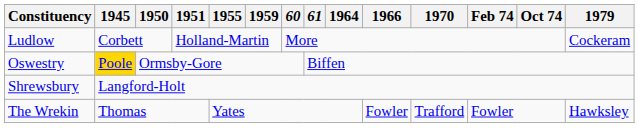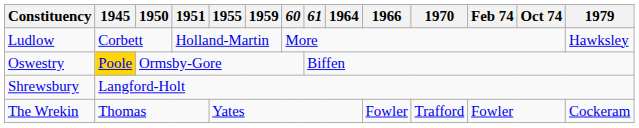 <table class="wikitable">
 <tr>
 <th>Constituency</th>
 <th>1945</th>
 <th>1950</th>
 <th>1951</th>
 <th>1955</th>
 <th>1959</th>
 <th><em>60</em></th>
 <th><em>61</em></th>
 <th>1964</th>
 <th>1966</th>
 <th>1970</th>
 <th>Feb 74</th>
 <th>Oct 74</th>
 <th>1979</th>
 </tr>
 <tr>
 <td><a href='#'>Ludlow</a></td>
 <td colspan="2"><a href='#'>Corbett</a></td>
 <td colspan="3"><a href='#'>Holland-Martin</a></td>
 <td colspan="7"><a href='#'>More</a></td>
-<td><a href='#'>Cockeram</a></td>
+<td><a href='#'>Hawksley</a></td>
 </tr>
 <tr>
 <td><a href='#'>Oswestry</a></td>
 <td style="background: gold;"><a href='#'>Poole</a></td>
 <td colspan="5"><a href='#'>Ormsby-Gore</a></td>
 <td colspan="7"><a href='#'>Biffen</a></td>
 </tr>
 <tr>
 <td><a href='#'>Shrewsbury</a></td>
 <td colspan="13"><a href='#'>Langford-Holt</a></td>
 </tr>
 <tr>
 <td><a href='#'>The Wrekin</a></td>
 <td colspan="3"><a href='#'>Thomas</a></td>
 <td colspan="5"><a href='#'>Yates</a></td>
 <td><a href='#'>Fowler</a></td>
 <td><a href='#'>Trafford</a></td>
 <td colspan="2"><a href='#'>Fowler</a></td>
-<td><a href='#'>Hawksley</a></td>
+<td><a href='#'>Cockeram</a></td>
 </tr>
 </table>
